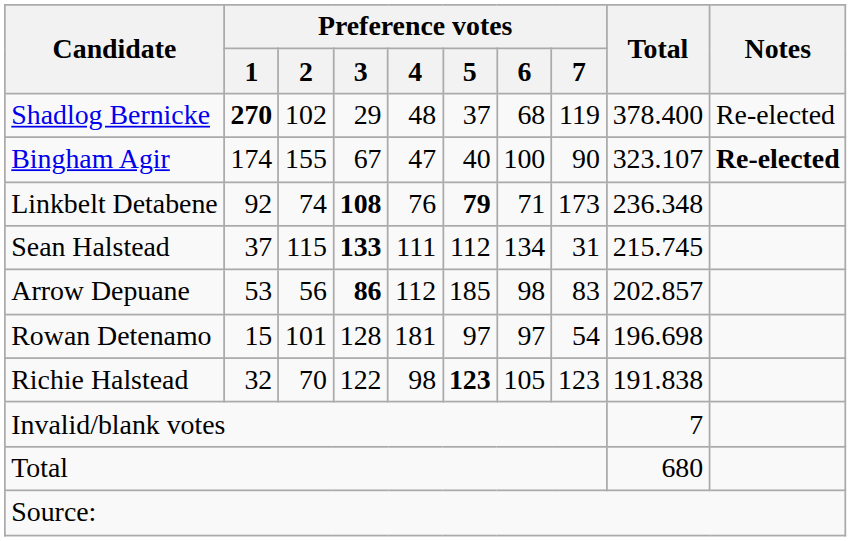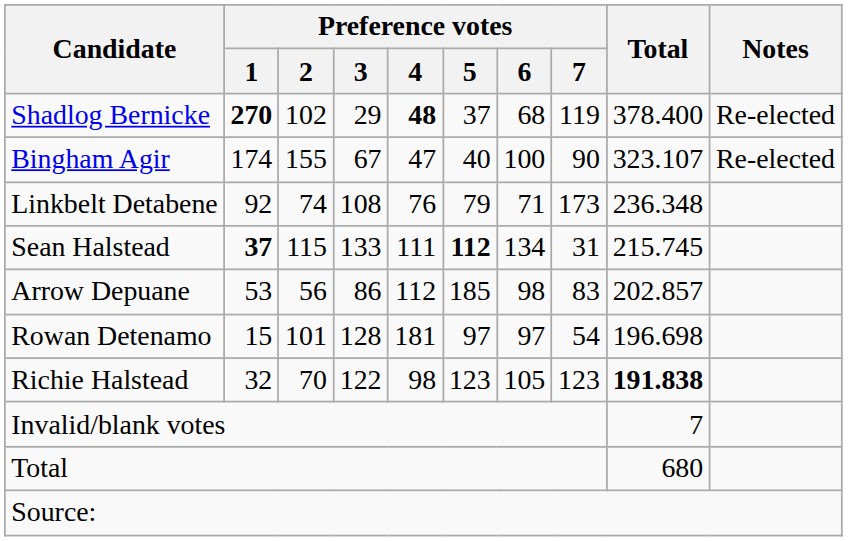 <table class=wikitable style=text-align:right>
 <tr>
 <th rowspan=2>Candidate</th>
 <th colspan=7>Preference votes</th>
 <th rowspan=2>Total</th>
 <th rowspan=2>Notes</th>
 </tr>
 <tr>
 <th>1</th>
 <th>2</th>
 <th>3</th>
 <th>4</th>
 <th>5</th>
 <th>6</th>
 <th>7</th>
 </tr>
 <tr>
 <td align=left><a href='#'>Shadlog Bernicke</a></td>
 <td><strong>270</strong></td>
 <td>102</td>
 <td>29</td>
-<td>48</td>
+<td><strong>48</strong></td>
 <td>37</td>
 <td>68</td>
 <td>119</td>
 <td>378.400</td>
 <td align=left>Re-elected</td>
 </tr>
 <tr>
 <td align=left><a href='#'>Bingham Agir</a></td>
 <td>174</td>
 <td>155</td>
 <td>67</td>
 <td>47</td>
 <td>40</td>
 <td>100</td>
 <td>90</td>
 <td>323.107</td>
-<td align=left><strong>Re-elected</strong></td>
+<td align=left>Re-elected</td>
 </tr>
 <tr>
 <td align=left>Linkbelt Detabene</td>
 <td>92</td>
 <td>74</td>
-<td><strong>108</strong></td>
+<td>108</td>
 <td>76</td>
-<td><strong>79</strong></td>
+<td>79</td>
 <td>71</td>
 <td>173</td>
 <td>236.348</td>
 <td></td>
 </tr>
 <tr>
 <td align=left>Sean Halstead</td>
-<td>37</td>
+<td><strong>37</strong></td>
 <td>115</td>
-<td><strong>133</strong></td>
+<td>133</td>
 <td>111</td>
-<td>112</td>
+<td><strong>112</strong></td>
 <td>134</td>
 <td>31</td>
 <td>215.745</td>
 <td></td>
 </tr>
 <tr>
 <td align=left>Arrow Depuane</td>
 <td>53</td>
 <td>56</td>
-<td><strong>86</strong></td>
+<td>86</td>
 <td>112</td>
 <td>185</td>
 <td>98</td>
 <td>83</td>
 <td>202.857</td>
 <td></td>
 </tr>
 <tr>
 <td align=left>Rowan Detenamo</td>
 <td>15</td>
 <td>101</td>
 <td>128</td>
 <td>181</td>
 <td>97</td>
 <td>97</td>
 <td>54</td>
 <td>196.698</td>
 <td></td>
 </tr>
 <tr>
 <td align=left>Richie Halstead</td>
 <td>32</td>
 <td>70</td>
 <td>122</td>
 <td>98</td>
-<td><strong>123</strong></td>
+<td>123</td>
 <td>105</td>
 <td>123</td>
-<td>191.838</td>
+<td><strong>191.838</strong></td>
 <td></td>
 </tr>
 <tr>
 <td align=left colspan=8>Invalid/blank votes</td>
 <td>7</td>
 <td></td>
 </tr>
 <tr>
 <td align=left colspan=8>Total</td>
 <td>680</td>
 <td></td>
 </tr>
 <tr>
 <td align=left colspan=16>Source: </td>
 </tr>
 </table>
